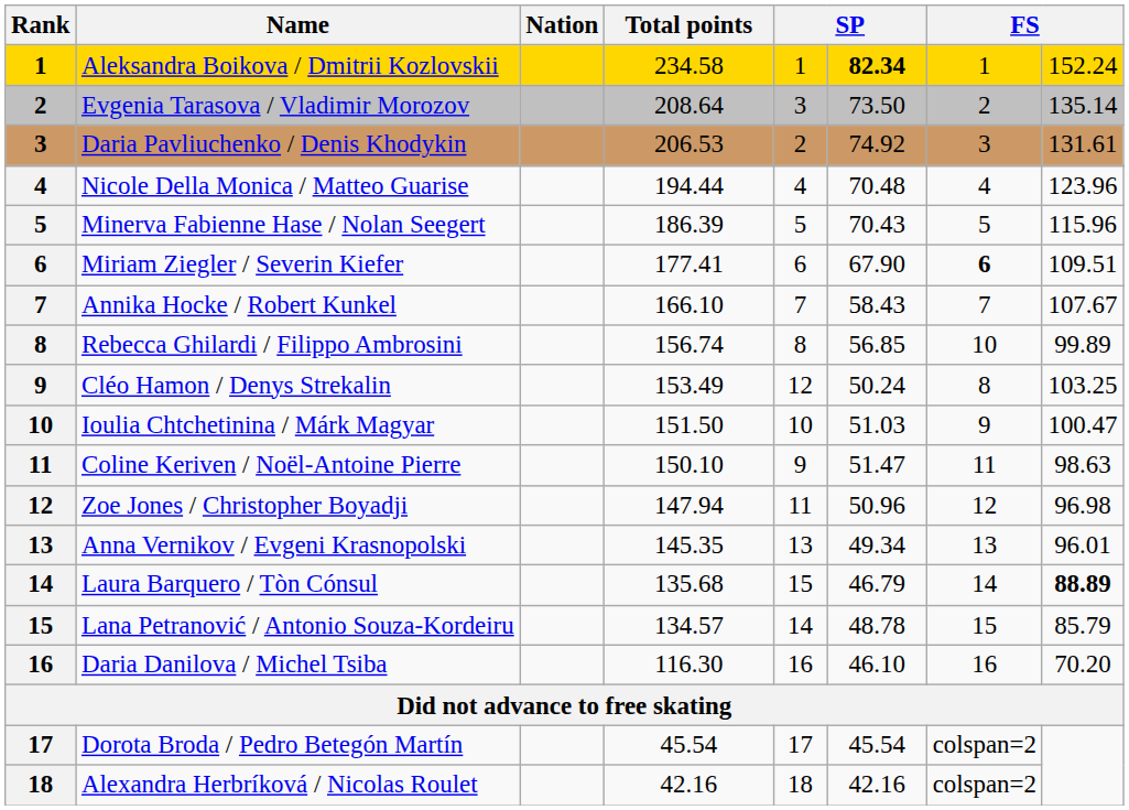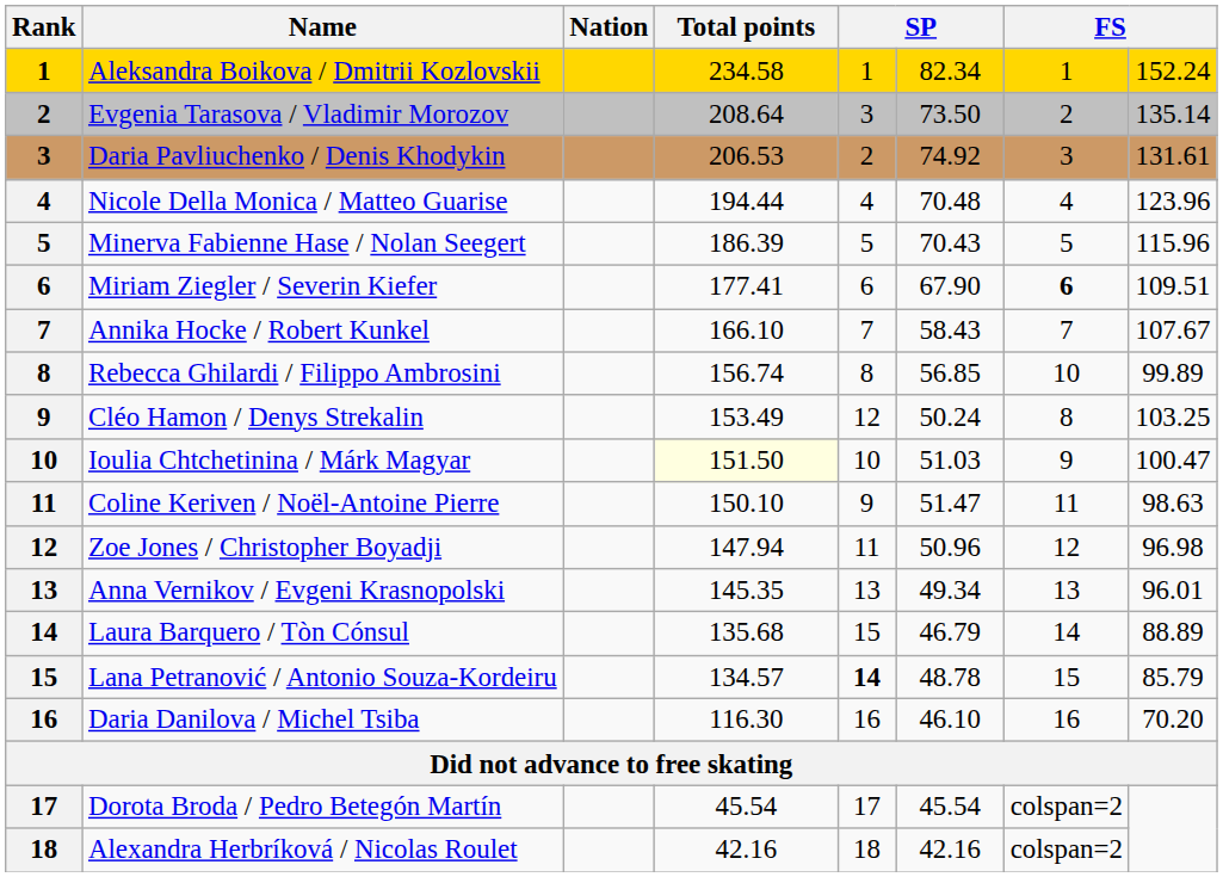 <table class="wikitable sortable">
 <tr>
 <th>Rank</th>
 <th>Name</th>
 <th>Nation</th>
 <th width="100px">Total points</th>
 <th colspan="2" width="90px"><a href='#'>SP</a></th>
 <th colspan="2" width="90px"><a href='#'>FS</a></th>
 </tr>
 <tr bgcolor="gold">
 <td align="center" bgcolor="gold"><strong>1</strong></td>
 <td><a href='#'>Aleksandra Boikova</a> / <a href='#'>Dmitrii Kozlovskii</a></td>
 <td></td>
 <td align="center">234.58</td>
 <td align="center">1</td>
-<td align="center"><strong>82.34</strong></td>
+<td align="center">82.34</td>
 <td align="center">1</td>
 <td align="center">152.24</td>
 </tr>
 <tr bgcolor="silver">
 <td align="center" bgcolor="silver"><strong>2</strong></td>
 <td><a href='#'>Evgenia Tarasova</a> / <a href='#'>Vladimir Morozov</a></td>
 <td></td>
 <td align="center">208.64</td>
 <td align="center">3</td>
 <td align="center">73.50</td>
 <td align="center">2</td>
 <td align="center">135.14</td>
 </tr>
 <tr bgcolor="#cc9966">
 <td align="center" bgcolor="#cc9966"><strong>3</strong></td>
 <td><a href='#'>Daria Pavliuchenko</a> / <a href='#'>Denis Khodykin</a></td>
 <td></td>
 <td align="center">206.53</td>
 <td align="center">2</td>
 <td align="center">74.92</td>
 <td align="center">3</td>
 <td align="center">131.61</td>
 </tr>
 <tr bgcolor="#cc9966">
 </tr>
 <tr>
 <th>4</th>
 <td><a href='#'>Nicole Della Monica</a> / <a href='#'>Matteo Guarise</a></td>
 <td></td>
 <td align="center">194.44</td>
 <td align="center">4</td>
 <td align="center">70.48</td>
 <td align="center">4</td>
 <td align="center">123.96</td>
 </tr>
 <tr>
 <th>5</th>
 <td><a href='#'>Minerva Fabienne Hase</a> / <a href='#'>Nolan Seegert</a></td>
 <td></td>
 <td align="center">186.39</td>
 <td align="center">5</td>
 <td align="center">70.43</td>
 <td align="center">5</td>
 <td align="center">115.96</td>
 </tr>
 <tr>
 <th>6</th>
 <td><a href='#'>Miriam Ziegler</a> / <a href='#'>Severin Kiefer</a></td>
 <td></td>
 <td align="center">177.41</td>
 <td align="center">6</td>
 <td align="center">67.90</td>
 <td align="center"><strong>6</strong></td>
 <td align="center">109.51</td>
 </tr>
 <tr>
 <th>7</th>
 <td><a href='#'>Annika Hocke</a> / <a href='#'>Robert Kunkel</a></td>
 <td></td>
 <td align="center">166.10</td>
 <td align="center">7</td>
 <td align="center">58.43</td>
 <td align="center">7</td>
 <td align="center">107.67</td>
 </tr>
 <tr>
 <th>8</th>
 <td><a href='#'>Rebecca Ghilardi</a> / <a href='#'>Filippo Ambrosini</a></td>
 <td></td>
 <td align="center">156.74</td>
 <td align="center">8</td>
 <td align="center">56.85</td>
 <td align="center">10</td>
 <td align="center">99.89</td>
 </tr>
 <tr>
 <th>9</th>
 <td><a href='#'>Cléo Hamon</a> / <a href='#'>Denys Strekalin</a></td>
 <td></td>
 <td align="center">153.49</td>
 <td align="center">12</td>
 <td align="center">50.24</td>
 <td align="center">8</td>
 <td align="center">103.25</td>
 </tr>
 <tr>
 <th>10</th>
 <td><a href='#'>Ioulia Chtchetinina</a> / <a href='#'>Márk Magyar</a></td>
 <td></td>
-<td align="center">151.50</td>
+<td align="center" style="background: lightyellow;">151.50</td>
 <td align="center">10</td>
 <td align="center">51.03</td>
 <td align="center">9</td>
 <td align="center">100.47</td>
 </tr>
 <tr>
 <th>11</th>
 <td><a href='#'>Coline Keriven</a> / <a href='#'>Noël-Antoine Pierre</a></td>
 <td></td>
 <td align="center">150.10</td>
 <td align="center">9</td>
 <td align="center">51.47</td>
 <td align="center">11</td>
 <td align="center">98.63</td>
 </tr>
 <tr>
 <th>12</th>
 <td><a href='#'>Zoe Jones</a> / <a href='#'>Christopher Boyadji</a></td>
 <td></td>
 <td align="center">147.94</td>
 <td align="center">11</td>
 <td align="center">50.96</td>
 <td align="center">12</td>
 <td align="center">96.98</td>
 </tr>
 <tr>
 <th>13</th>
 <td><a href='#'>Anna Vernikov</a> / <a href='#'>Evgeni Krasnopolski</a></td>
 <td></td>
 <td align="center">145.35</td>
 <td align="center">13</td>
 <td align="center">49.34</td>
 <td align="center">13</td>
 <td align="center">96.01</td>
 </tr>
 <tr>
 <th>14</th>
 <td><a href='#'>Laura Barquero</a> / <a href='#'>Tòn Cónsul</a></td>
 <td></td>
 <td align="center">135.68</td>
 <td align="center">15</td>
 <td align="center">46.79</td>
 <td align="center">14</td>
-<td align="center"><strong>88.89</strong></td>
+<td align="center">88.89</td>
 </tr>
 <tr>
 <th>15</th>
 <td><a href='#'>Lana Petranović</a> / <a href='#'>Antonio Souza-Kordeiru</a></td>
 <td></td>
 <td align="center">134.57</td>
-<td align="center">14</td>
+<td align="center"><strong>14</strong></td>
 <td align="center">48.78</td>
 <td align="center">15</td>
 <td align="center">85.79</td>
 </tr>
 <tr>
 <th>16</th>
 <td><a href='#'>Daria Danilova</a> / <a href='#'>Michel Tsiba</a></td>
 <td></td>
 <td align="center">116.30</td>
 <td align="center">16</td>
 <td align="center">46.10</td>
 <td align="center">16</td>
 <td align="center">70.20</td>
 </tr>
 <tr>
 <th colspan=8>Did not advance to free skating</th>
 </tr>
 <tr>
 <th>17</th>
 <td><a href='#'>Dorota Broda</a> / <a href='#'>Pedro Betegón Martín</a></td>
 <td></td>
 <td align="center">45.54</td>
 <td align="center">17</td>
 <td align="center">45.54</td>
 <td>colspan=2 </td>
 </tr>
 <tr>
 <th>18</th>
 <td><a href='#'>Alexandra Herbríková</a> / <a href='#'>Nicolas Roulet</a></td>
 <td></td>
 <td align="center">42.16</td>
 <td align="center">18</td>
 <td align="center">42.16</td>
 <td>colspan=2 </td>
 </tr>
 </table>
